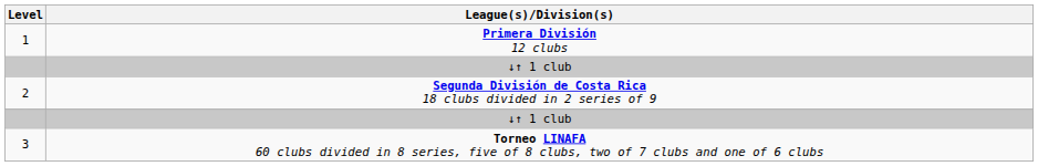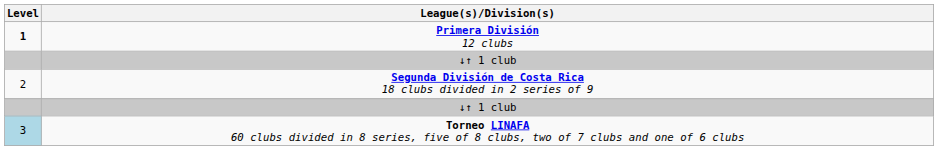 <table class="wikitable" style="text-align: center;">
 <tr>
 <th>Level</th>
 <th colspan="12">League(s)/Division(s)</th>
 </tr>
 <tr>
-<td>1</td>
+<td><strong>1</strong></td>
 <td colspan="12"><strong><a href='#'>Primera División</a></strong><br><em>12 clubs</em></td>
 </tr>
 <tr style="background:#c8c8c8">
 <td style="width:4%;"></td>
 <td colspan="9" style="width:96%;">↓↑ 1 club</td>
 </tr>
 <tr>
 <td>2</td>
 <td colspan="12"><strong><a href='#'>Segunda División de Costa Rica</a></strong><br><em>18 clubs divided in 2 series of 9</em></td>
 </tr>
 <tr style="background:#c8c8c8">
 <td style="width:4%;"></td>
 <td colspan="9" style="width:96%;">↓↑ 1 club</td>
 </tr>
 <tr>
-<td>3</td>
+<td style="background: lightblue;">3</td>
 <td colspan="12"><strong>Torneo <a href='#'>LINAFA</a></strong><br><em>60 clubs divided in 8 series, five of 8 clubs, two of 7 clubs and one of 6 clubs</em></td>
 </tr>
 </table>
